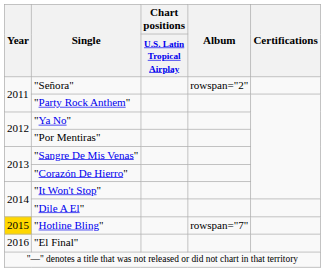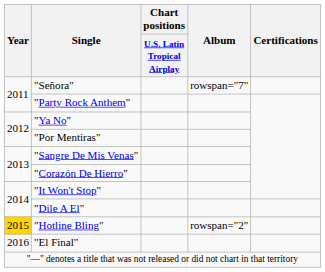 <table class="wikitable">
 <tr>
 <th rowspan="2">Year</th>
 <th rowspan="2">Single</th>
 <th colspan="1">Chart positions</th>
 <th rowspan="2">Album</th>
 <th rowspan="2">Certifications</th>
 </tr>
 <tr>
 <th width="35"><small><a href='#'>U.S. Latin Tropical Airplay</a></small><br></th>
 </tr>
 <tr>
 <td align="left" rowspan="2">2011</td>
 <td>"Señora"</td>
 <td></td>
-<td>rowspan="2" </td>
+<td>rowspan="7" </td>
 <td></td>
 </tr>
 <tr>
 <td>"<a href='#'>Party Rock Anthem</a>" </td>
 <td></td>
 <td></td>
 </tr>
 <tr>
 <td align="left" rowspan="2">2012</td>
 <td>"<a href='#'>Ya No</a>"</td>
 <td></td>
 <td></td>
 </tr>
 <tr>
 <td>"Por Mentiras"</td>
 <td></td>
 <td></td>
 </tr>
 <tr>
 <td align="left" rowspan="2">2013</td>
 <td>"<a href='#'>Sangre De Mis Venas</a>"</td>
 <td></td>
 <td></td>
 </tr>
 <tr>
 <td>"<a href='#'>Corazón De Hierro</a>" </td>
 <td></td>
 <td></td>
 </tr>
 <tr>
 <td align="left" rowspan="2">2014</td>
 <td>"<a href='#'>It Won't Stop</a>" </td>
 <td></td>
 <td></td>
 </tr>
 <tr>
 <td>"<a href='#'>Dile A El</a>"</td>
 <td></td>
 <td align="left"></td>
 <td></td>
 </tr>
 <tr>
 <td align="left" style="background: gold;">2015</td>
 <td>"<a href='#'>Hotline Bling</a>" </td>
 <td></td>
-<td>rowspan="7" </td>
+<td>rowspan="2" </td>
 <td></td>
 </tr>
 <tr>
 <td align="left">2016</td>
 <td>"El Final" </td>
 <td></td>
 <td></td>
 </tr>
 <tr>
 <td colspan="14" style="text-align:center; font-size:85%">"—" denotes a title that was not released or did not chart in that territory</td>
 </tr>
 </table>
